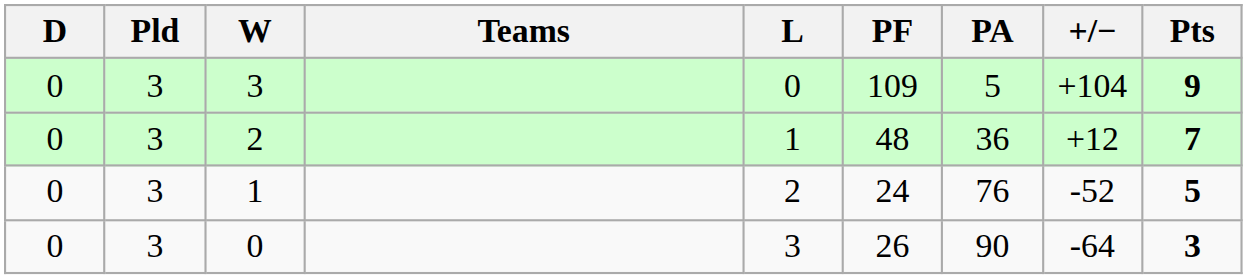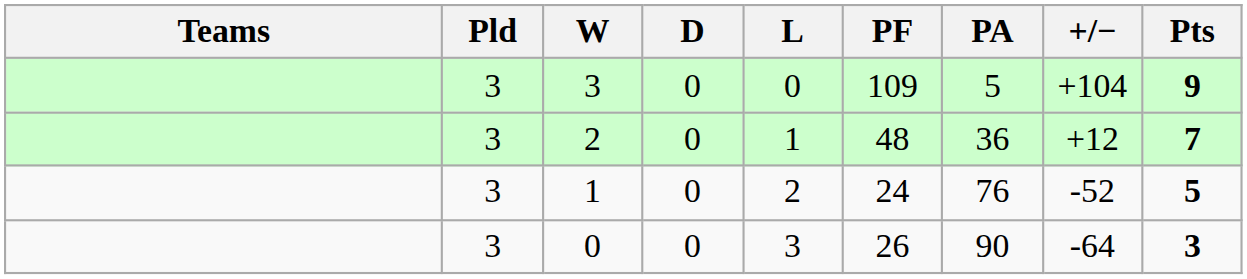 <table class="wikitable" style="text-align: center;">
 <tr>
-<th width="40">D</th>
+<th width="200">Teams</th>
 <th width="40">Pld</th>
 <th width="40">W</th>
-<th width="200">Teams</th>
+<th width="40">D</th>
 <th width="40">L</th>
 <th width="40">PF</th>
 <th width="40">PA</th>
 <th width="40">+/−</th>
 <th width="40">Pts</th>
 </tr>
 <tr bgcolor=#ccffcc>
-<td>0</td>
+<td align=left></td>
 <td>3</td>
 <td>3</td>
-<td align=left></td>
+<td>0</td>
 <td>0</td>
 <td>109</td>
 <td>5</td>
 <td>+104</td>
 <td><strong>9</strong></td>
 </tr>
 <tr bgcolor=#ccffcc>
-<td>0</td>
+<td align=left></td>
 <td>3</td>
 <td>2</td>
-<td align=left></td>
+<td>0</td>
 <td>1</td>
 <td>48</td>
 <td>36</td>
 <td>+12</td>
 <td><strong>7</strong></td>
 </tr>
 <tr>
-<td>0</td>
+<td align=left></td>
 <td>3</td>
 <td>1</td>
-<td align=left></td>
+<td>0</td>
 <td>2</td>
 <td>24</td>
 <td>76</td>
 <td>-52</td>
 <td><strong>5</strong></td>
 </tr>
 <tr>
-<td>0</td>
+<td align=left></td>
 <td>3</td>
 <td>0</td>
-<td align=left></td>
+<td>0</td>
 <td>3</td>
 <td>26</td>
 <td>90</td>
 <td>-64</td>
 <td><strong>3</strong></td>
 </tr>
 </table>
